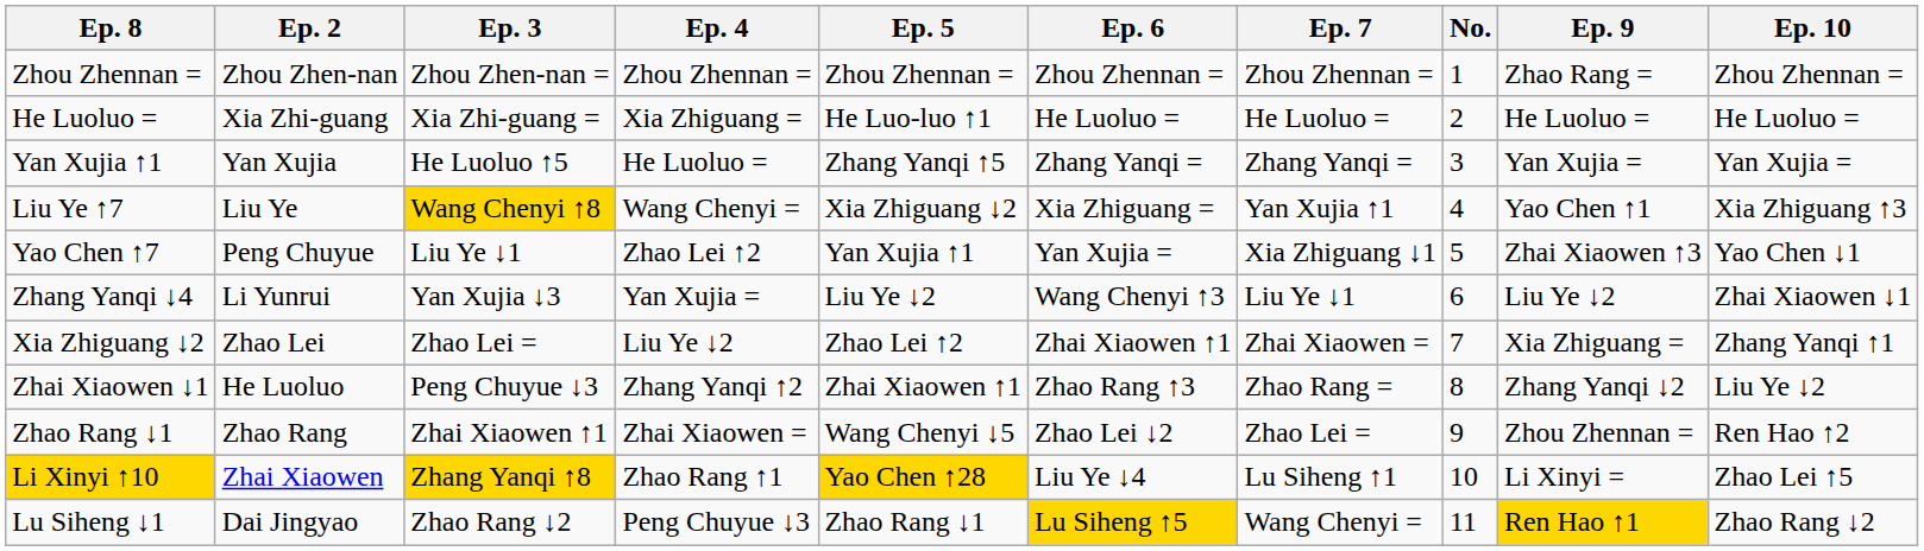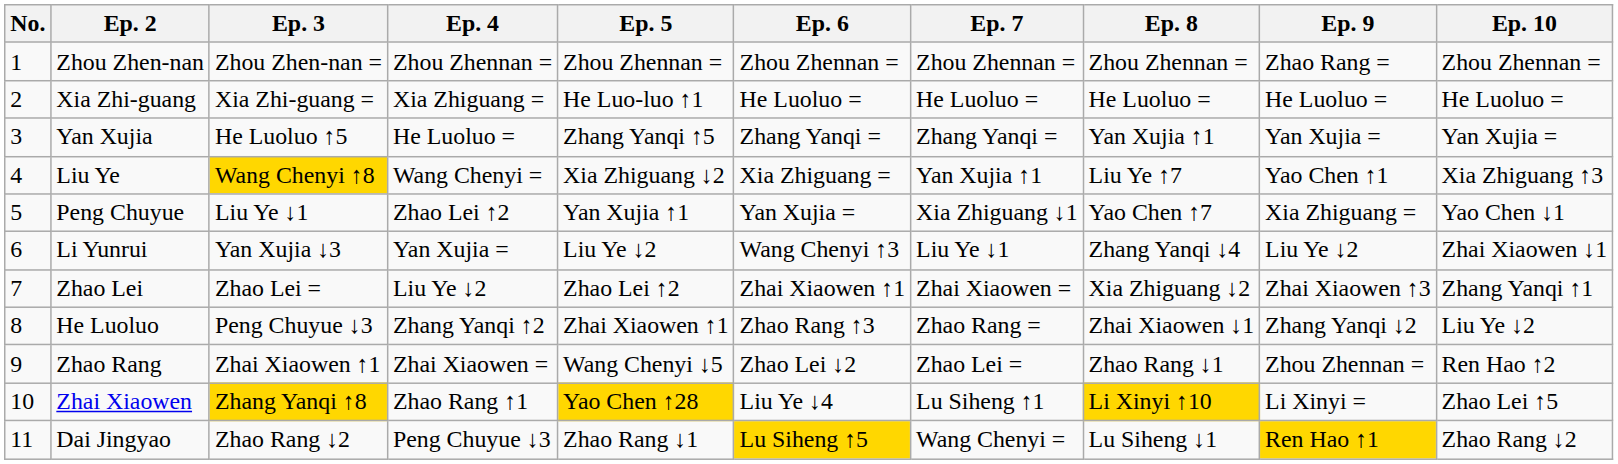 <table class="wikitable sortable">
 <tr>
-<th>Ep. 8</th>
+<th>No.</th>
 <th>Ep. 2</th>
 <th>Ep. 3</th>
 <th>Ep. 4</th>
 <th>Ep. 5</th>
 <th>Ep. 6</th>
 <th>Ep. 7</th>
-<th>No.</th>
+<th>Ep. 8</th>
 <th>Ep. 9</th>
 <th>Ep. 10</th>
 </tr>
 <tr>
-<td>Zhou Zhennan =</td>
+<td>1</td>
 <td>Zhou Zhen-nan</td>
 <td>Zhou Zhen-nan =</td>
 <td>Zhou Zhennan =</td>
 <td>Zhou Zhennan =</td>
 <td>Zhou Zhennan =</td>
 <td>Zhou Zhennan =</td>
-<td>1</td>
+<td>Zhou Zhennan =</td>
 <td>Zhao Rang =</td>
 <td>Zhou Zhennan =</td>
 </tr>
 <tr>
-<td>He Luoluo =</td>
+<td>2</td>
 <td>Xia Zhi-guang</td>
 <td>Xia Zhi-guang =</td>
 <td>Xia Zhiguang =</td>
 <td>He Luo-luo ↑1</td>
 <td>He Luoluo =</td>
 <td>He Luoluo =</td>
-<td>2</td>
+<td>He Luoluo =</td>
 <td>He Luoluo =</td>
 <td>He Luoluo =</td>
 </tr>
 <tr>
-<td>Yan Xujia ↑1</td>
+<td>3</td>
 <td>Yan Xujia</td>
 <td>He Luoluo ↑5</td>
 <td>He Luoluo =</td>
 <td>Zhang Yanqi ↑5</td>
 <td>Zhang Yanqi =</td>
 <td>Zhang Yanqi =</td>
-<td>3</td>
+<td>Yan Xujia ↑1</td>
 <td>Yan Xujia =</td>
 <td>Yan Xujia =</td>
 </tr>
 <tr>
-<td>Liu Ye ↑7</td>
+<td>4</td>
 <td>Liu Ye</td>
 <td style="background:gold">Wang Chenyi ↑8</td>
 <td>Wang Chenyi =</td>
 <td>Xia Zhiguang ↓2</td>
 <td>Xia Zhiguang =</td>
 <td>Yan Xujia ↑1</td>
-<td>4</td>
+<td>Liu Ye ↑7</td>
 <td>Yao Chen ↑1</td>
 <td>Xia Zhiguang ↑3</td>
 </tr>
 <tr>
-<td>Yao Chen ↑7</td>
+<td>5</td>
 <td>Peng Chuyue</td>
 <td>Liu Ye ↓1</td>
 <td>Zhao Lei ↑2</td>
 <td>Yan Xujia ↑1</td>
 <td>Yan Xujia =</td>
 <td>Xia Zhiguang ↓1</td>
-<td>5</td>
-<td>Zhai Xiaowen ↑3</td>
+<td>Yao Chen ↑7</td>
+<td>Xia Zhiguang =</td>
 <td>Yao Chen ↓1</td>
 </tr>
 <tr>
-<td>Zhang Yanqi ↓4</td>
+<td>6</td>
 <td>Li Yunrui</td>
 <td>Yan Xujia ↓3</td>
 <td>Yan Xujia =</td>
 <td>Liu Ye ↓2</td>
 <td>Wang Chenyi ↑3</td>
 <td>Liu Ye ↓1</td>
-<td>6</td>
+<td>Zhang Yanqi ↓4</td>
 <td>Liu Ye ↓2</td>
 <td>Zhai Xiaowen ↓1</td>
 </tr>
 <tr>
-<td>Xia Zhiguang ↓2</td>
+<td>7</td>
 <td>Zhao Lei</td>
 <td>Zhao Lei =</td>
 <td>Liu Ye ↓2</td>
 <td>Zhao Lei ↑2</td>
 <td>Zhai Xiaowen ↑1</td>
 <td>Zhai Xiaowen =</td>
-<td>7</td>
-<td>Xia Zhiguang =</td>
+<td>Xia Zhiguang ↓2</td>
+<td>Zhai Xiaowen ↑3</td>
 <td>Zhang Yanqi ↑1</td>
 </tr>
 <tr>
-<td>Zhai Xiaowen ↓1</td>
+<td>8</td>
 <td>He Luoluo</td>
 <td>Peng Chuyue ↓3</td>
 <td>Zhang Yanqi ↑2</td>
 <td>Zhai Xiaowen ↑1</td>
 <td>Zhao Rang ↑3</td>
 <td>Zhao Rang =</td>
-<td>8</td>
+<td>Zhai Xiaowen ↓1</td>
 <td>Zhang Yanqi ↓2</td>
 <td>Liu Ye ↓2</td>
 </tr>
 <tr>
-<td>Zhao Rang ↓1</td>
+<td>9</td>
 <td>Zhao Rang</td>
 <td>Zhai Xiaowen ↑1</td>
 <td>Zhai Xiaowen =</td>
 <td>Wang Chenyi ↓5</td>
 <td>Zhao Lei ↓2</td>
 <td>Zhao Lei =</td>
-<td>9</td>
+<td>Zhao Rang ↓1</td>
 <td>Zhou Zhennan =</td>
 <td>Ren Hao ↑2</td>
 </tr>
 <tr>
-<td style="background:gold">Li Xinyi ↑10</td>
+<td>10</td>
 <td><a href='#'>Zhai Xiaowen</a></td>
 <td style="background:gold">Zhang Yanqi ↑8</td>
 <td>Zhao Rang ↑1</td>
 <td style="background:gold">Yao Chen ↑28</td>
 <td>Liu Ye ↓4</td>
 <td>Lu Siheng ↑1</td>
-<td>10</td>
+<td style="background:gold">Li Xinyi ↑10</td>
 <td>Li Xinyi =</td>
 <td>Zhao Lei ↑5</td>
 </tr>
 <tr>
-<td>Lu Siheng ↓1</td>
+<td>11</td>
 <td>Dai Jingyao</td>
 <td>Zhao Rang ↓2</td>
 <td>Peng Chuyue ↓3</td>
 <td>Zhao Rang ↓1</td>
 <td style="background:gold">Lu Siheng ↑5</td>
 <td>Wang Chenyi =</td>
-<td>11</td>
+<td>Lu Siheng ↓1</td>
 <td style="background:gold">Ren Hao ↑1</td>
 <td>Zhao Rang ↓2</td>
 </tr>
 </table>
